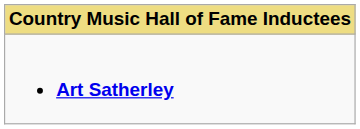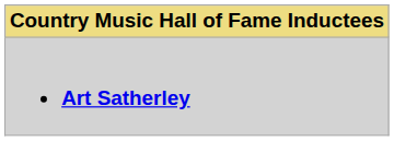 <table class="wikitable">
 <tr>
 <th style="background:#EEDD82; width=50%">Country Music Hall of Fame Inductees</th>
 </tr>
 <tr>
-<td valign="top"><br><ul><li><strong><a href='#'>Art Satherley</a></strong></li></ul></td>
+<td valign="top" style="background: lightgrey;"><br><ul><li><strong><a href='#'>Art Satherley</a></strong></li></ul></td>
 </tr>
 </table>
